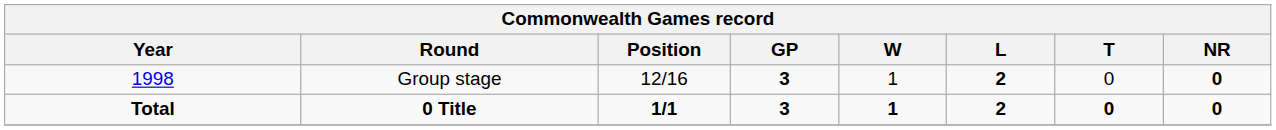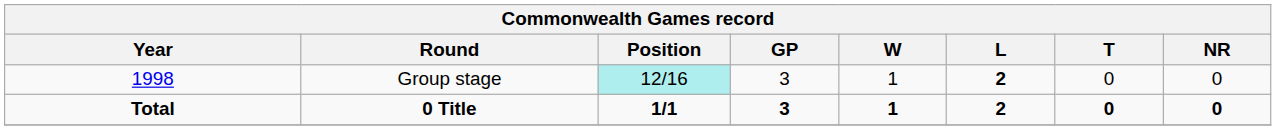 <table class="wikitable" style="text-align: center; width:85%">
 <tr>
 <th colspan="10">Commonwealth Games record</th>
 </tr>
 <tr>
 <th width="150">Year</th>
 <th width="150">Round</th>
 <th width="50">Position</th>
 <th width="50">GP</th>
 <th width="50">W</th>
 <th width="50">L</th>
 <th width="50">T</th>
 <th width="50">NR</th>
 </tr>
 <tr>
 <td> <a href='#'>1998</a></td>
 <td>Group stage</td>
-<td>12/16</td>
-<td><strong>3</strong></td>
+<td style="background: paleturquoise;">12/16</td>
+<td>3</td>
 <td>1</td>
 <td><strong>2</strong></td>
 <td>0</td>
-<td><strong>0</strong></td>
+<td>0</td>
 </tr>
 <tr>
 <td><strong>Total</strong></td>
 <td><strong>0 Title</strong></td>
 <td><strong>1/1</strong></td>
 <td><strong>3</strong></td>
 <td><strong>1</strong></td>
 <td><strong>2</strong></td>
 <td><strong>0</strong></td>
 <td><strong>0</strong></td>
 </tr>
 <tr>
 </tr>
 </table>
